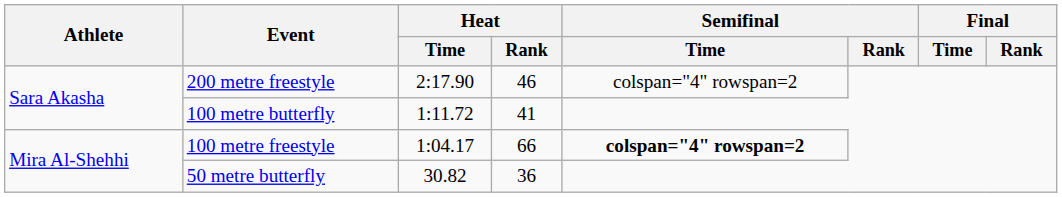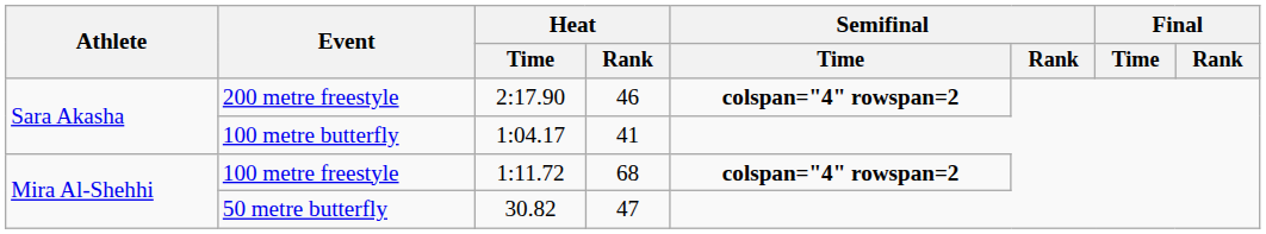 <table class="wikitable" style="text-align:center; font-size:90%; width:50%;">
 <tr>
 <th rowspan="2">Athlete</th>
 <th rowspan="2">Event</th>
 <th colspan="2">Heat</th>
 <th colspan="2">Semifinal</th>
 <th colspan="2">Final</th>
 </tr>
 <tr style="font-size:95%">
 <th>Time</th>
 <th>Rank</th>
 <th>Time</th>
 <th>Rank</th>
 <th>Time</th>
 <th>Rank</th>
 </tr>
 <tr>
 <td align=left rowspan=2><a href='#'>Sara Akasha</a></td>
 <td align=left><a href='#'>200 metre freestyle</a></td>
 <td>2:17.90</td>
 <td>46</td>
-<td>colspan="4" rowspan=2 </td>
+<td><strong>colspan="4" rowspan=2 </strong></td>
 </tr>
 <tr>
 <td align=left><a href='#'>100 metre butterfly</a></td>
-<td>1:11.72</td>
+<td>1:04.17</td>
 <td>41</td>
 </tr>
 <tr>
 <td align=left rowspan=2><a href='#'>Mira Al-Shehhi</a></td>
 <td align=left><a href='#'>100 metre freestyle</a></td>
-<td>1:04.17</td>
-<td>66</td>
+<td>1:11.72</td>
+<td>68</td>
 <td><strong>colspan="4" rowspan=2</strong></td>
 </tr>
 <tr>
 <td align=left><a href='#'>50 metre butterfly</a></td>
 <td>30.82</td>
-<td>36</td>
+<td>47</td>
 </tr>
 </table>
